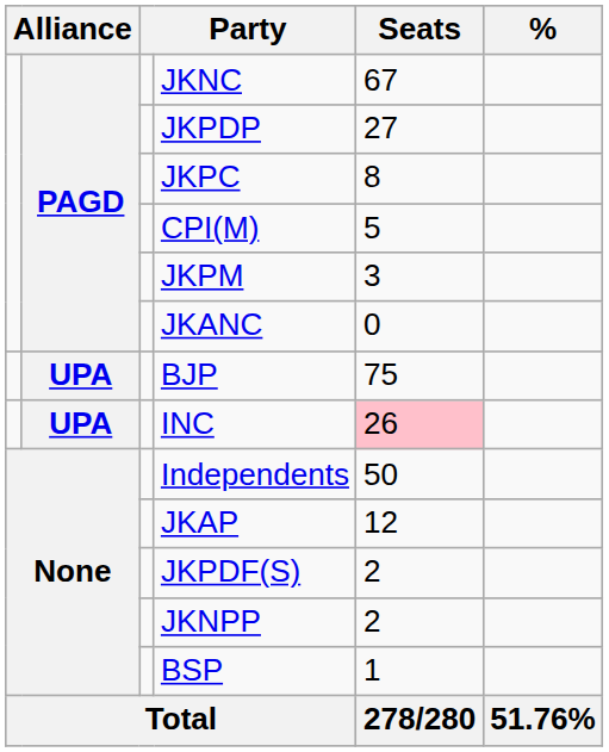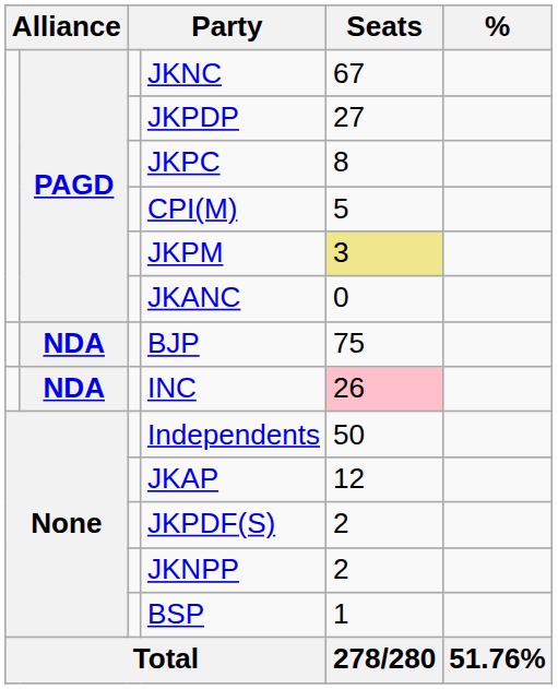 <table class="wikitable">
 <tr>
 <th colspan="2">Alliance</th>
 <th colspan="2">Party</th>
 <th>Seats</th>
 <th>%</th>
 </tr>
 <tr>
 <td rowspan="6"></td>
 <th rowspan="6"><a href='#'>PAGD</a></th>
 <td></td>
 <td><a href='#'>JKNC</a></td>
 <td>67</td>
 <td></td>
 </tr>
 <tr>
 <td></td>
 <td><a href='#'>JKPDP</a></td>
 <td>27</td>
 <td></td>
 </tr>
 <tr>
 <td></td>
 <td><a href='#'>JKPC</a></td>
 <td>8</td>
 <td></td>
 </tr>
 <tr>
 <td></td>
 <td><a href='#'>CPI(M)</a></td>
 <td>5</td>
 <td></td>
 </tr>
 <tr>
 <td></td>
 <td><a href='#'>JKPM</a></td>
-<td>3</td>
+<td style="background: khaki;">3</td>
 <td></td>
 </tr>
 <tr>
 <td></td>
 <td><a href='#'>JKANC</a></td>
 <td>0</td>
 <td></td>
 </tr>
 <tr>
 <td></td>
-<th><a href='#'>UPA</a></th>
+<th><a href='#'>NDA</a></th>
 <td></td>
 <td><a href='#'>BJP</a></td>
 <td>75</td>
 <td></td>
 </tr>
 <tr>
 <td></td>
-<th><a href='#'>UPA</a></th>
+<th><a href='#'>NDA</a></th>
 <td></td>
 <td><a href='#'>INC</a></td>
 <td style="background: pink;">26</td>
 <td></td>
 </tr>
 <tr>
 <th rowspan="5" colspan="2">None</th>
 <td></td>
 <td><a href='#'>Independents</a></td>
 <td>50</td>
 <td></td>
 </tr>
 <tr>
 <td></td>
 <td><a href='#'>JKAP</a></td>
 <td>12</td>
 <td></td>
 </tr>
 <tr>
 <td></td>
 <td><a href='#'>JKPDF(S)</a></td>
 <td>2</td>
 <td></td>
 </tr>
 <tr>
 <td></td>
 <td><a href='#'>JKNPP</a></td>
 <td>2</td>
 <td></td>
 </tr>
 <tr>
 <td></td>
 <td><a href='#'>BSP</a></td>
 <td>1</td>
 <td></td>
 </tr>
 <tr>
 <th colspan=4>Total</th>
 <th>278/280</th>
 <th>51.76%</th>
 </tr>
 </table>
